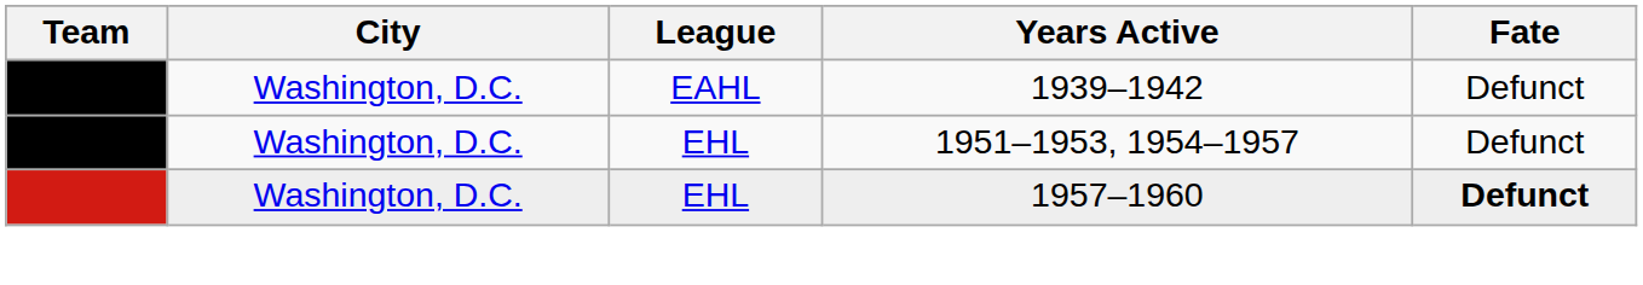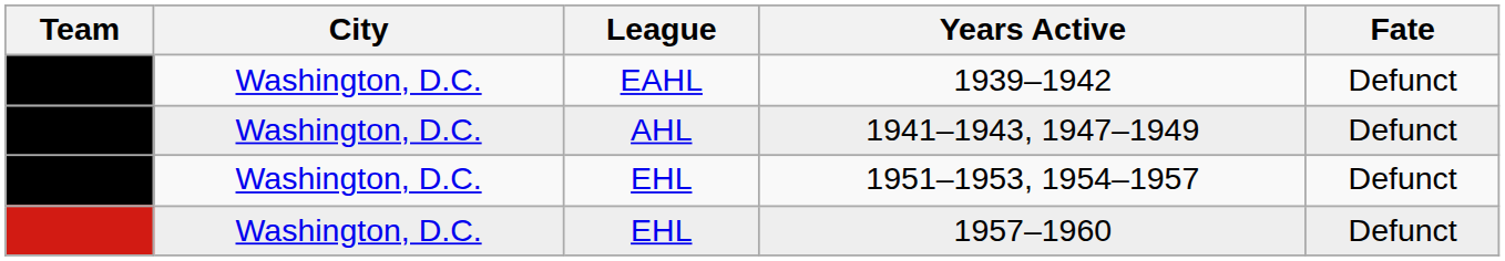 <table class="wikitable sortable" width="60%">
 <tr>
 <th>Team</th>
 <th>City</th>
 <th>League</th>
 <th>Years Active</th>
 <th>Fate</th>
 </tr>
 <tr align=center>
 <td style="color:white; background:#000000"><strong><a href='#'></a></strong></td>
 <td><a href='#'>Washington, D.C.</a></td>
 <td><a href='#'>EAHL</a></td>
 <td>1939–1942</td>
 <td>Defunct</td>
 </tr>
+<tr align=center bgcolor=eeeeee>
+<td style="color:white; background:#000000"><strong><a href='#'></a></strong></td>
+<td><a href='#'>Washington, D.C.</a></td>
+<td><a href='#'>AHL</a></td>
+<td>1941–1943, 1947–1949</td>
+<td>Defunct</td>
+</tr>
 <tr align=center>
 <td style="color:white; background:#000000"><strong><a href='#'></a></strong></td>
 <td><a href='#'>Washington, D.C.</a></td>
 <td><a href='#'>EHL</a></td>
 <td>1951–1953, 1954–1957</td>
 <td>Defunct</td>
 </tr>
 <tr align=center bgcolor=eeeeee>
 <td style="color:white; background:#d21b13; "><strong><a href='#'></a></strong></td>
 <td><a href='#'>Washington, D.C.</a></td>
 <td><a href='#'>EHL</a></td>
 <td>1957–1960</td>
-<td><strong>Defunct</strong></td>
+<td>Defunct</td>
 </tr>
 </table>
